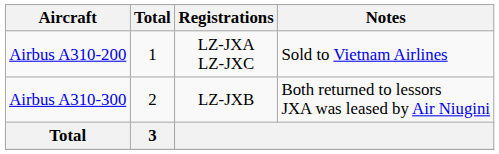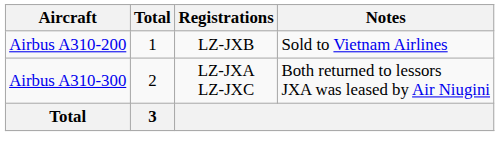 <table class="wikitable" style="margin:0.5em auto">
 <tr>
 <th>Aircraft</th>
 <th>Total</th>
 <th>Registrations</th>
 <th>Notes</th>
 </tr>
 <tr>
 <td><a href='#'>Airbus A310-200</a></td>
 <td align=center>1</td>
-<td align=center>LZ-JXA<br>LZ-JXC</td>
+<td align=center>LZ-JXB</td>
 <td>Sold to <a href='#'>Vietnam Airlines</a></td>
 </tr>
 <tr>
 <td><a href='#'>Airbus A310-300</a></td>
 <td align=center>2</td>
-<td align=center>LZ-JXB</td>
+<td align=center>LZ-JXA<br>LZ-JXC</td>
 <td>Both returned to lessors<br>JXA was leased by <a href='#'>Air Niugini</a></td>
 </tr>
 <tr>
 <th>Total</th>
 <th align=center>3</th>
 <th colspan=2></th>
 </tr>
 <tr>
 </tr>
 </table>
